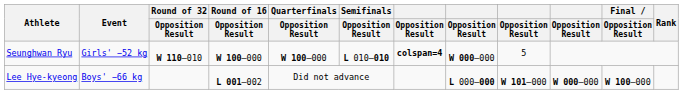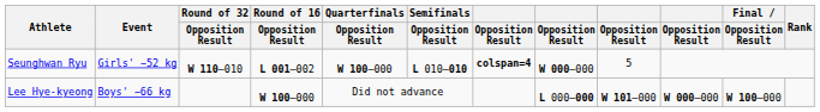 <table class="wikitable" style="font-size:90%">
 <tr>
 <th rowspan="2">Athlete</th>
 <th rowspan="2">Event</th>
 <th>Round of 32</th>
 <th>Round of 16</th>
 <th>Quarterfinals</th>
 <th>Semifinals</th>
 <th></th>
 <th></th>
 <th></th>
 <th></th>
 <th>Final / </th>
 <th rowspan=2>Rank</th>
 </tr>
 <tr style="font-size:95%">
 <th>Opposition<br>Result</th>
 <th>Opposition<br>Result</th>
 <th>Opposition<br>Result</th>
 <th>Opposition<br>Result</th>
 <th>Opposition<br>Result</th>
 <th>Opposition<br>Result</th>
 <th>Opposition<br>Result</th>
 <th>Opposition<br>Result</th>
 <th>Opposition<br>Result</th>
 </tr>
 <tr align=center>
 <td align=left><a href='#'>Seunghwan Ryu</a></td>
 <td align=left><a href='#'>Girls' −52 kg</a></td>
 <td><br><strong>W</strong> <strong>110</strong>–010</td>
-<td><br><strong>W</strong> <strong>100</strong>–000</td>
+<td><br><strong>L</strong> <strong>001</strong>–002</td>
 <td><br><strong>W</strong> <strong>100</strong>–000</td>
 <td><br><strong>L</strong> 010–<strong>010</strong></td>
 <td><strong>colspan=4 </strong></td>
 <td><br><strong>W</strong> <strong>000</strong>–000</td>
 <td>5</td>
 </tr>
 <tr align=center>
 <td align=left><a href='#'>Lee Hye-kyeong</a></td>
 <td align=left><a href='#'>Boys' −66 kg</a></td>
 <td></td>
-<td><br><strong>L</strong> <strong>001</strong>–002</td>
+<td><br><strong>W</strong> <strong>100</strong>–000</td>
 <td colspan=2>Did not advance</td>
 <td></td>
 <td><br><strong>L</strong> 000–<strong>000</strong></td>
 <td><br><strong>W</strong> <strong>101</strong>–000</td>
 <td><br><strong>W</strong> <strong>000</strong>–000</td>
 <td><br><strong>W</strong> <strong>100</strong>–000</td>
 <td></td>
 </tr>
 </table>
